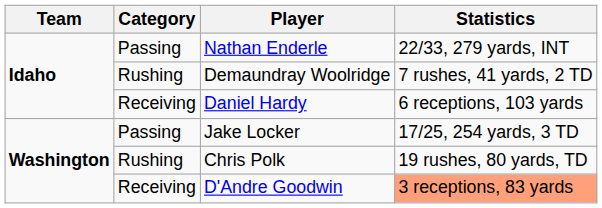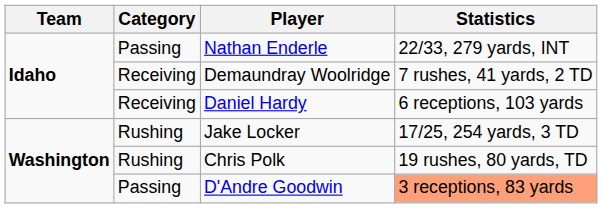 <table class="wikitable" style="float: right;">
 <tr>
 <th>Team</th>
 <th>Category</th>
 <th>Player</th>
 <th>Statistics</th>
 </tr>
 <tr>
 <td rowspan=3><strong>Idaho</strong></td>
 <td>Passing</td>
 <td><a href='#'>Nathan Enderle</a></td>
 <td>22/33, 279 yards, INT</td>
 </tr>
 <tr>
-<td>Rushing</td>
+<td>Receiving</td>
 <td>Demaundray Woolridge</td>
 <td>7 rushes, 41 yards, 2 TD</td>
 </tr>
 <tr>
 <td>Receiving</td>
 <td><a href='#'>Daniel Hardy</a></td>
 <td>6 receptions, 103 yards</td>
 </tr>
 <tr>
 <td rowspan=3><strong>Washington</strong></td>
-<td>Passing</td>
+<td>Rushing</td>
 <td>Jake Locker</td>
 <td>17/25, 254 yards, 3 TD</td>
 </tr>
 <tr>
 <td>Rushing</td>
 <td>Chris Polk</td>
 <td>19 rushes, 80 yards, TD</td>
 </tr>
 <tr>
-<td>Receiving</td>
+<td>Passing</td>
 <td><a href='#'>D'Andre Goodwin</a></td>
 <td style="background: lightsalmon;">3 receptions, 83 yards</td>
 </tr>
 </table>
